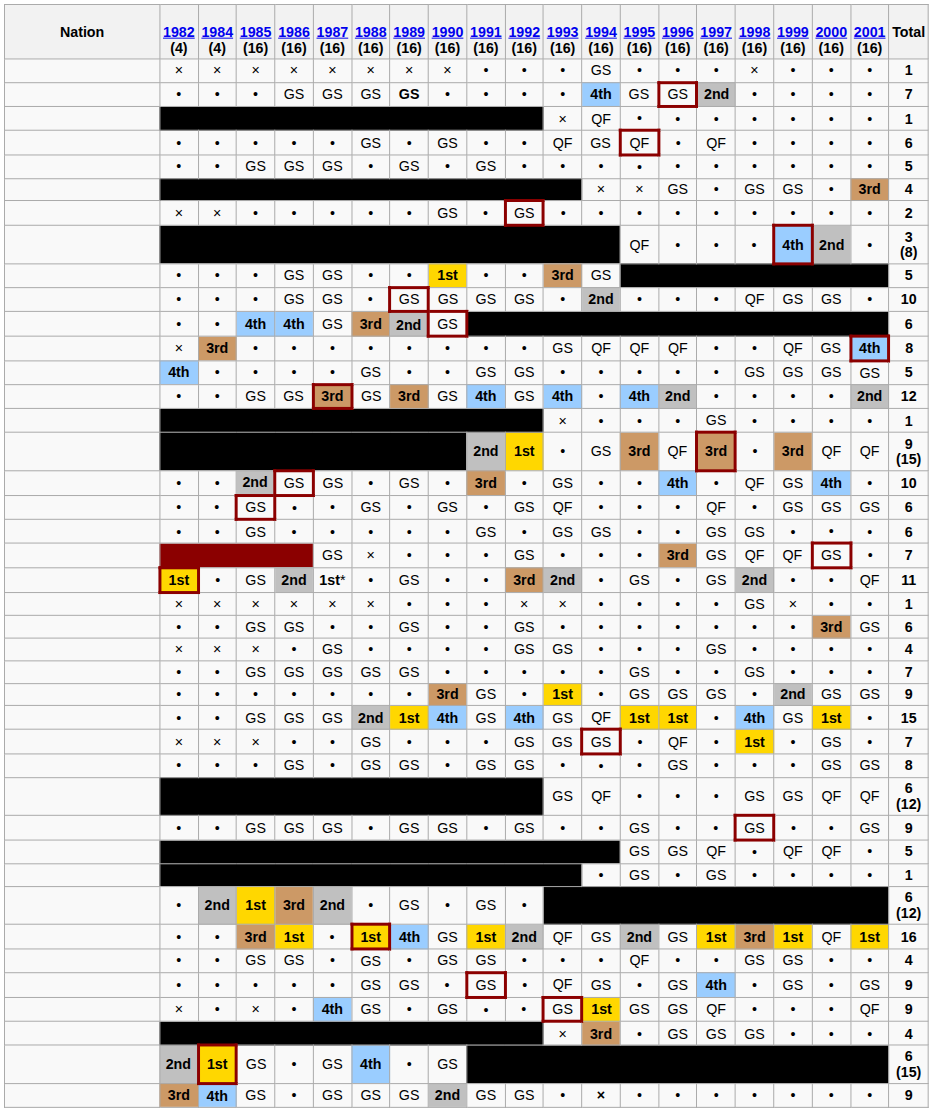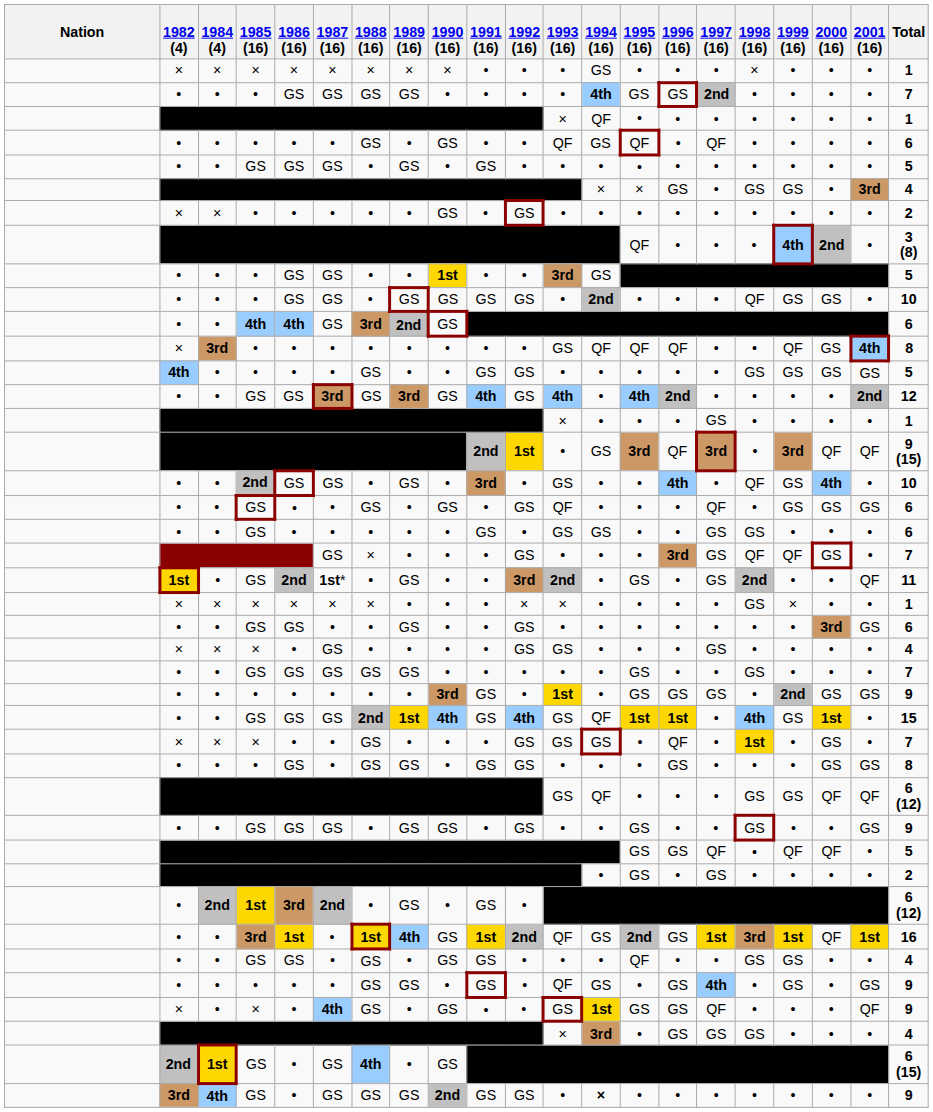 <table class="wikitable" style="text-align:center; font-size:90%;">
 <tr>
 <th width=150>Nation</th>
 <th><br><a href='#'>1982</a><br>(4)</th>
 <th><br><a href='#'>1984</a><br>(4)</th>
 <th><br><a href='#'>1985</a><br>(16)</th>
 <th><br><a href='#'>1986</a><br>(16)</th>
 <th><br><a href='#'>1987</a><br>(16)</th>
 <th><br><a href='#'>1988</a><br>(16)</th>
 <th><br><a href='#'>1989</a><br>(16)</th>
 <th><br><a href='#'>1990</a><br>(16)</th>
 <th><br><a href='#'>1991</a><br>(16)</th>
 <th><br><a href='#'>1992</a><br>(16)</th>
 <th><br><a href='#'>1993</a><br>(16)</th>
 <th><br><a href='#'>1994</a><br>(16)</th>
 <th><br><a href='#'>1995</a><br>(16)</th>
 <th><br><a href='#'>1996</a><br>(16)</th>
 <th><br><a href='#'>1997</a><br>(16)</th>
 <th><br><a href='#'>1998</a><br>(16)</th>
 <th><br><a href='#'>1999</a><br>(16)</th>
 <th><br><a href='#'>2000</a><br>(16)</th>
 <th><br><a href='#'>2001</a><br>(16)</th>
 <th>Total</th>
 </tr>
 <tr>
 <td style="text-align:left;"></td>
 <td>×</td>
 <td>×</td>
 <td>×</td>
 <td>×</td>
 <td>×</td>
 <td>×</td>
 <td>×</td>
 <td>×</td>
 <td>•</td>
 <td>•</td>
 <td>•</td>
 <td>GS</td>
 <td>•</td>
 <td>•</td>
 <td>•</td>
 <td>×</td>
 <td>•</td>
 <td>•</td>
 <td>•</td>
 <td><strong>1</strong></td>
 </tr>
 <tr>
 <td style="text-align:left;"></td>
 <td>•</td>
 <td>•</td>
 <td>•</td>
 <td>GS</td>
 <td>GS</td>
 <td>GS</td>
-<td><strong>GS</strong></td>
+<td>GS</td>
 <td>•</td>
 <td>•</td>
 <td>•</td>
 <td>•</td>
 <td style="background-color:#9acdff;"><strong>4th</strong></td>
 <td>GS</td>
 <td style="border:3px solid darkred;">GS</td>
 <td style="background-color:silver;"><strong>2nd</strong></td>
 <td>•</td>
 <td>•</td>
 <td>•</td>
 <td>•</td>
 <td><strong>7</strong></td>
 </tr>
 <tr>
 <td style="text-align:left;"></td>
 <td colspan=10 style="background-color:black;"></td>
 <td>×</td>
 <td>QF</td>
 <td>•</td>
 <td>•</td>
 <td>•</td>
 <td>•</td>
 <td>•</td>
 <td>•</td>
 <td>•</td>
 <td><strong>1</strong></td>
 </tr>
 <tr>
 <td style="text-align:left;"></td>
 <td>•</td>
 <td>•</td>
 <td>•</td>
 <td>•</td>
 <td>•</td>
 <td>GS</td>
 <td>•</td>
 <td>GS</td>
 <td>•</td>
 <td>•</td>
 <td>QF</td>
 <td>GS</td>
 <td style="border:3px solid darkred;">QF</td>
 <td>•</td>
 <td>QF</td>
 <td>•</td>
 <td>•</td>
 <td>•</td>
 <td>•</td>
 <td><strong>6</strong></td>
 </tr>
 <tr>
 <td style="text-align:left;"></td>
 <td>•</td>
 <td>•</td>
 <td>GS</td>
 <td>GS</td>
 <td>GS</td>
 <td>•</td>
 <td>GS</td>
 <td>•</td>
 <td>GS</td>
 <td>•</td>
 <td>•</td>
 <td>•</td>
 <td>•</td>
 <td>•</td>
 <td>•</td>
 <td>•</td>
 <td>•</td>
 <td>•</td>
 <td>•</td>
 <td><strong>5</strong></td>
 </tr>
 <tr>
 <td style="text-align:left;"></td>
 <td colspan=11 style="background-color:black;"></td>
 <td>×</td>
 <td>×</td>
 <td>GS</td>
 <td>•</td>
 <td>GS</td>
 <td>GS</td>
 <td>•</td>
 <td style="background-color:#cc9966;"><strong>3rd</strong></td>
 <td><strong>4</strong></td>
 </tr>
 <tr>
 <td style="text-align:left;"></td>
 <td>×</td>
 <td>×</td>
 <td>•</td>
 <td>•</td>
 <td>•</td>
 <td>•</td>
 <td>•</td>
 <td>GS</td>
 <td>•</td>
 <td style="border:3px solid darkred;">GS</td>
 <td>•</td>
 <td>•</td>
 <td>•</td>
 <td>•</td>
 <td>•</td>
 <td>•</td>
 <td>•</td>
 <td>•</td>
 <td>•</td>
 <td><strong>2</strong></td>
 </tr>
 <tr>
 <td style="text-align:left;"></td>
 <td colspan=12 style="background-color:black;"></td>
 <td>QF</td>
 <td>•</td>
 <td>•</td>
 <td>•</td>
 <td style="background-color:#9acdff; border:3px solid darkred;"><strong>4th</strong></td>
 <td style="background-color:silver;"><strong>2nd</strong></td>
 <td>•</td>
 <td><strong>3</strong><br><strong>(8)</strong></td>
 </tr>
 <tr>
 <td style="text-align:left;"></td>
 <td>•</td>
 <td>•</td>
 <td>•</td>
 <td>GS</td>
 <td>GS</td>
 <td>•</td>
 <td>•</td>
 <td style="background-color:gold;"><strong>1st</strong></td>
 <td>•</td>
 <td>•</td>
 <td style="background-color:#cc9966;"><strong>3rd</strong></td>
 <td>GS</td>
 <td colspan=7 style="background-color:black;"></td>
 <td><strong>5</strong></td>
 </tr>
 <tr>
 <td style="text-align:left;"></td>
 <td>•</td>
 <td>•</td>
 <td>•</td>
 <td>GS</td>
 <td>GS</td>
 <td>•</td>
 <td style="border:3px solid darkred;">GS</td>
 <td>GS</td>
 <td>GS</td>
 <td>GS</td>
 <td>•</td>
 <td style="background-color:silver;"><strong>2nd</strong></td>
 <td>•</td>
 <td>•</td>
 <td>•</td>
 <td>QF</td>
 <td>GS</td>
 <td>GS</td>
 <td>•</td>
 <td><strong>10</strong></td>
 </tr>
 <tr>
 <td style="text-align:left;"></td>
 <td>•</td>
 <td>•</td>
 <td style="background-color:#9acdff;"><strong>4th</strong></td>
 <td style="background-color:#9acdff;"><strong>4th</strong></td>
 <td>GS</td>
 <td style="background-color:#cc9966;"><strong>3rd</strong></td>
 <td style="background-color:silver;"><strong>2nd</strong></td>
 <td style="border:3px solid darkred;">GS</td>
 <td colspan=11 style="background-color:black;"></td>
 <td><strong>6</strong></td>
 </tr>
 <tr>
 <td style="text-align:left;"></td>
 <td>×</td>
 <td style="background-color:#cc9966;"><strong>3rd</strong></td>
 <td>•</td>
 <td>•</td>
 <td>•</td>
 <td>•</td>
 <td>•</td>
 <td>•</td>
 <td>•</td>
 <td>•</td>
 <td>GS</td>
 <td>QF</td>
 <td>QF</td>
 <td>QF</td>
 <td>•</td>
 <td>•</td>
 <td>QF</td>
 <td>GS</td>
 <td style="background-color:#9acdff; border:3px solid darkred;"><strong>4th</strong></td>
 <td><strong>8</strong></td>
 </tr>
 <tr>
 <td style="text-align:left;"></td>
 <td style="background-color:#9acdff;"><strong>4th</strong></td>
 <td>•</td>
 <td>•</td>
 <td>•</td>
 <td>•</td>
 <td>GS</td>
 <td>•</td>
 <td>•</td>
 <td>GS</td>
 <td>GS</td>
 <td>•</td>
 <td>•</td>
 <td>•</td>
 <td>•</td>
 <td>•</td>
 <td>GS</td>
 <td>GS</td>
 <td>GS</td>
 <td>GS</td>
 <td><strong>5</strong></td>
 </tr>
 <tr>
 <td style="text-align:left;"></td>
 <td>•</td>
 <td>•</td>
 <td>GS</td>
 <td>GS</td>
 <td style="background-color:#cc9966; border:3px solid darkred;"><strong>3rd</strong></td>
 <td>GS</td>
 <td style="background-color:#cc9966;"><strong>3rd</strong></td>
 <td>GS</td>
 <td style="background-color:#9acdff;"><strong>4th</strong></td>
 <td>GS</td>
 <td style="background-color:#9acdff;"><strong>4th</strong></td>
 <td>•</td>
 <td style="background-color:#9acdff;"><strong>4th</strong></td>
 <td style="background-color:silver;"><strong>2nd</strong></td>
 <td>•</td>
 <td>•</td>
 <td>•</td>
 <td>•</td>
 <td style="background-color:silver;"><strong>2nd</strong></td>
 <td><strong>12</strong></td>
 </tr>
 <tr>
 <td style="text-align:left;"></td>
 <td colspan=10 style="background-color:black;"></td>
 <td>×</td>
 <td>•</td>
 <td>•</td>
 <td>•</td>
 <td>GS</td>
 <td>•</td>
 <td>•</td>
 <td>•</td>
 <td>•</td>
 <td><strong>1</strong></td>
 </tr>
 <tr>
 <td style="text-align:left;"></td>
 <td colspan=8 style="background-color:black;"></td>
 <td style="background-color:silver;"><strong>2nd</strong></td>
 <td style="background-color:gold;"><strong>1st</strong></td>
 <td>•</td>
 <td>GS</td>
 <td style="background-color:#cc9966;"><strong>3rd</strong></td>
 <td>QF</td>
 <td style="background-color:#cc9966; border:3px solid darkred;"><strong>3rd</strong></td>
 <td>•</td>
 <td style="background-color:#cc9966;"><strong>3rd</strong></td>
 <td>QF</td>
 <td>QF</td>
 <td><strong>9</strong><br><strong>(15)</strong></td>
 </tr>
 <tr>
 <td style="text-align:left;"></td>
 <td>•</td>
 <td>•</td>
 <td style="background-color:silver;"><strong>2nd</strong></td>
 <td style="border:3px solid darkred;">GS</td>
 <td>GS</td>
 <td>•</td>
 <td>GS</td>
 <td>•</td>
 <td style="background-color:#cc9966;"><strong>3rd</strong></td>
 <td>•</td>
 <td>GS</td>
 <td>•</td>
 <td>•</td>
 <td style="background-color:#9acdff;"><strong>4th</strong></td>
 <td>•</td>
 <td>QF</td>
 <td>GS</td>
 <td style="background-color:#9acdff;"><strong>4th</strong></td>
 <td>•</td>
 <td><strong>10</strong></td>
 </tr>
 <tr>
 <td style="text-align:left;"></td>
 <td>•</td>
 <td>•</td>
 <td style="border:3px solid darkred;">GS</td>
 <td>•</td>
 <td>•</td>
 <td>GS</td>
 <td>•</td>
 <td>GS</td>
 <td>•</td>
 <td>GS</td>
 <td>QF</td>
 <td>•</td>
 <td>•</td>
 <td>•</td>
 <td>QF</td>
 <td>•</td>
 <td>GS</td>
 <td>GS</td>
 <td>GS</td>
 <td><strong>6</strong></td>
 </tr>
 <tr>
 <td style="text-align:left;"></td>
 <td>•</td>
 <td>•</td>
 <td>GS</td>
 <td>•</td>
 <td>•</td>
 <td>•</td>
 <td>•</td>
 <td>•</td>
 <td>GS</td>
 <td>•</td>
 <td>GS</td>
 <td>GS</td>
 <td>•</td>
 <td>•</td>
 <td>GS</td>
 <td>GS</td>
 <td>•</td>
 <td>•</td>
 <td>•</td>
 <td><strong>6</strong></td>
 </tr>
 <tr>
 <td style="text-align:left;"></td>
 <td colspan=4 style="background-color:darkred;"></td>
 <td>GS</td>
 <td>×</td>
 <td>•</td>
 <td>•</td>
 <td>•</td>
 <td>GS</td>
 <td>•</td>
 <td>•</td>
 <td>•</td>
 <td style="background-color:#cc9966;"><strong>3rd</strong></td>
 <td>GS</td>
 <td>QF</td>
 <td>QF</td>
 <td style="border:3px solid darkred;">GS</td>
 <td>•</td>
 <td><strong>7</strong></td>
 </tr>
 <tr>
 <td style="text-align:left;"></td>
 <td style="background-color:gold; border:3px solid darkred;"><strong>1st</strong></td>
 <td>•</td>
 <td>GS</td>
 <td style="background-color:silver;"><strong>2nd</strong></td>
 <td><strong>1st</strong>*<br><strong></strong></td>
 <td>•</td>
 <td>GS</td>
 <td>•</td>
 <td>•</td>
 <td style="background-color:#cc9966;"><strong>3rd</strong></td>
 <td style="background-color:silver;"><strong>2nd</strong></td>
 <td>•</td>
 <td>GS</td>
 <td>•</td>
 <td>GS</td>
 <td style="background-color:silver;"><strong>2nd</strong></td>
 <td>•</td>
 <td>•</td>
 <td>QF</td>
 <td><strong>11</strong></td>
 </tr>
 <tr>
 <td style="text-align:left;"></td>
 <td>×</td>
 <td>×</td>
 <td>×</td>
 <td>×</td>
 <td>×</td>
 <td>×</td>
 <td>•</td>
 <td>•</td>
 <td>•</td>
 <td>×</td>
 <td>×</td>
 <td>•</td>
 <td>•</td>
 <td>•</td>
 <td>•</td>
 <td>GS</td>
 <td>×</td>
 <td>•</td>
 <td>•</td>
 <td><strong>1</strong></td>
 </tr>
 <tr>
 <td style="text-align:left;"></td>
 <td>•</td>
 <td>•</td>
 <td>GS</td>
 <td>GS</td>
 <td>•</td>
 <td>•</td>
 <td>GS</td>
 <td>•</td>
 <td>•</td>
 <td>GS</td>
 <td>•</td>
 <td>•</td>
 <td>•</td>
 <td>•</td>
 <td>•</td>
 <td>•</td>
 <td>•</td>
 <td style="background-color:#cc9966;"><strong>3rd</strong></td>
 <td>GS</td>
 <td><strong>6</strong></td>
 </tr>
 <tr>
 <td style="text-align:left;"></td>
 <td>×</td>
 <td>×</td>
 <td>×</td>
 <td>•</td>
 <td>GS</td>
 <td>•</td>
 <td>•</td>
 <td>•</td>
 <td>•</td>
 <td>GS</td>
 <td>GS</td>
 <td>•</td>
 <td>•</td>
 <td>•</td>
 <td>GS</td>
 <td>•</td>
 <td>•</td>
 <td>•</td>
 <td>•</td>
 <td><strong>4</strong></td>
 </tr>
 <tr>
 <td style="text-align:left;"></td>
 <td>•</td>
 <td>•</td>
 <td>GS</td>
 <td>GS</td>
 <td>GS</td>
 <td>GS</td>
 <td>GS</td>
 <td>•</td>
 <td>•</td>
 <td>•</td>
 <td>•</td>
 <td>•</td>
 <td>GS</td>
 <td>•</td>
 <td>•</td>
 <td>GS</td>
 <td>•</td>
 <td>•</td>
 <td>•</td>
 <td><strong>7</strong></td>
 </tr>
 <tr>
 <td style="text-align:left;"></td>
 <td>•</td>
 <td>•</td>
 <td>•</td>
 <td>•</td>
 <td>•</td>
 <td>•</td>
 <td>•</td>
 <td style="background-color:#cc9966;"><strong>3rd</strong></td>
 <td>GS</td>
 <td>•</td>
 <td style="background-color:gold;"><strong>1st</strong></td>
 <td>•</td>
 <td>GS</td>
 <td>GS</td>
 <td>GS</td>
 <td>•</td>
 <td style="background-color:silver;"><strong>2nd</strong></td>
 <td>GS</td>
 <td>GS</td>
 <td><strong>9</strong></td>
 </tr>
 <tr>
 <td style="text-align:left;"></td>
 <td>•</td>
 <td>•</td>
 <td>GS</td>
 <td>GS</td>
 <td>GS</td>
 <td style="background-color:silver;"><strong>2nd</strong></td>
 <td style="background-color:gold;"><strong>1st</strong></td>
 <td style="background-color:#9acdff;"><strong>4th</strong></td>
 <td>GS</td>
 <td style="background-color:#9acdff;"><strong>4th</strong></td>
 <td>GS</td>
 <td>QF</td>
 <td style="background-color:gold;"><strong>1st</strong></td>
 <td style="background-color:gold;"><strong>1st</strong></td>
 <td>•</td>
 <td style="background-color:#9acdff;"><strong>4th</strong></td>
 <td>GS</td>
 <td style="background-color:gold;"><strong>1st</strong></td>
 <td>•</td>
 <td><strong>15</strong></td>
 </tr>
 <tr>
 <td style="text-align:left;"></td>
 <td>×</td>
 <td>×</td>
 <td>×</td>
 <td>•</td>
 <td>•</td>
 <td>GS</td>
 <td>•</td>
 <td>•</td>
 <td>•</td>
 <td>GS</td>
 <td>GS</td>
 <td style="border:3px solid darkred;">GS</td>
 <td>•</td>
 <td>QF</td>
 <td>•</td>
 <td style="background-color:gold;"><strong>1st</strong></td>
 <td>•</td>
 <td>GS</td>
 <td>•</td>
 <td><strong>7</strong></td>
 </tr>
 <tr>
 <td style="text-align:left;"></td>
 <td>•</td>
 <td>•</td>
 <td>•</td>
 <td>GS</td>
 <td>•</td>
 <td>GS</td>
 <td>GS</td>
 <td>•</td>
 <td>GS</td>
 <td>GS</td>
 <td>•</td>
 <td>•</td>
 <td>•</td>
 <td>GS</td>
 <td>•</td>
 <td>•</td>
 <td>•</td>
 <td>GS</td>
 <td>GS</td>
 <td><strong>8</strong></td>
 </tr>
 <tr>
 <td style="text-align:left;"></td>
 <td colspan=10 style="background-color:black;"></td>
 <td>GS</td>
 <td>QF</td>
 <td>•</td>
 <td>•</td>
 <td>•</td>
 <td>GS</td>
 <td>GS</td>
 <td>QF</td>
 <td>QF</td>
 <td><strong>6</strong><br><strong>(12)</strong></td>
 </tr>
 <tr>
 <td style="text-align:left;"></td>
 <td>•</td>
 <td>•</td>
 <td>GS</td>
 <td>GS</td>
 <td>GS</td>
 <td>•</td>
 <td>GS</td>
 <td>GS</td>
 <td>•</td>
 <td>GS</td>
 <td>•</td>
 <td>•</td>
 <td>GS</td>
 <td>•</td>
 <td>•</td>
 <td style="border:3px solid darkred;">GS</td>
 <td>•</td>
 <td>•</td>
 <td>GS</td>
 <td><strong>9</strong></td>
 </tr>
 <tr>
 <td style="text-align:left;"></td>
 <td colspan=12 style="background-color:black;"></td>
 <td>GS</td>
 <td>GS</td>
 <td>QF</td>
 <td>•</td>
 <td>QF</td>
 <td>QF</td>
 <td>•</td>
 <td><strong>5</strong></td>
 </tr>
 <tr>
 <td style="text-align:left;"></td>
 <td colspan=11 style="background-color:black;"></td>
 <td>•</td>
 <td>GS</td>
 <td>•</td>
 <td>GS</td>
 <td>•</td>
 <td>•</td>
 <td>•</td>
 <td>•</td>
-<td><strong>1</strong></td>
+<td><strong>2</strong></td>
 </tr>
 <tr>
 <td style="text-align:left;"></td>
 <td>•</td>
 <td style="background-color:silver;"><strong>2nd</strong></td>
 <td style="background-color:gold;"><strong>1st</strong></td>
 <td style="background-color:#cc9966;"><strong>3rd</strong></td>
 <td style="background-color:silver;"><strong>2nd</strong></td>
 <td>•</td>
 <td>GS</td>
 <td>•</td>
 <td>GS</td>
 <td>•</td>
 <td colspan=9 style="background-color:black;"></td>
 <td><strong>6</strong><br><strong>(12)</strong></td>
 </tr>
 <tr>
 <td style="text-align:left;"></td>
 <td>•</td>
 <td>•</td>
 <td style="background-color:#cc9966;"><strong>3rd</strong></td>
 <td style="background-color:gold;"><strong>1st</strong></td>
 <td>•</td>
 <td style="background-color:gold; border:3px solid darkred;"><strong>1st</strong></td>
 <td style="background-color:#9acdff;"><strong>4th</strong></td>
 <td>GS</td>
 <td style="background-color:gold;"><strong>1st</strong></td>
 <td style="background-color:silver;"><strong>2nd</strong></td>
 <td>QF</td>
 <td>GS</td>
 <td style="background-color:silver;"><strong>2nd</strong></td>
 <td>GS</td>
 <td style="background-color:gold;"><strong>1st</strong></td>
 <td style="background-color:#cc9966;"><strong>3rd</strong></td>
 <td style="background-color:gold;"><strong>1st</strong></td>
 <td>QF</td>
 <td style="background-color:gold;"><strong>1st</strong></td>
 <td><strong>16</strong></td>
 </tr>
 <tr>
 <td style="text-align:left;"></td>
 <td>•</td>
 <td>•</td>
 <td>GS</td>
 <td>GS</td>
 <td>•</td>
 <td>GS</td>
 <td>•</td>
 <td>GS</td>
 <td>GS</td>
 <td>•</td>
 <td>•</td>
 <td>•</td>
 <td>QF</td>
 <td>•</td>
 <td>•</td>
 <td>GS</td>
 <td>GS</td>
 <td>•</td>
 <td>•</td>
 <td><strong>4</strong></td>
 </tr>
 <tr>
 <td style="text-align:left;"></td>
 <td>•</td>
 <td>•</td>
 <td>•</td>
 <td>•</td>
 <td>•</td>
 <td>GS</td>
 <td>GS</td>
 <td>•</td>
 <td style="border:3px solid darkred;">GS</td>
 <td>•</td>
 <td>QF</td>
 <td>GS</td>
 <td>•</td>
 <td>GS</td>
 <td style="background-color:#9acdff;"><strong>4th</strong></td>
 <td>•</td>
 <td>GS</td>
 <td>•</td>
 <td>GS</td>
 <td><strong>9</strong></td>
 </tr>
 <tr>
 <td style="text-align:left;"></td>
 <td>×</td>
 <td>•</td>
 <td>×</td>
 <td>•</td>
 <td style="background-color:#9acdff;"><strong>4th</strong></td>
 <td>GS</td>
 <td>•</td>
 <td>GS</td>
 <td>•</td>
 <td>•</td>
 <td style="border:3px solid darkred;">GS</td>
 <td style="background-color:gold;"><strong>1st</strong></td>
 <td>GS</td>
 <td>GS</td>
 <td>QF</td>
 <td>•</td>
 <td>•</td>
 <td>•</td>
 <td>QF</td>
 <td><strong>9</strong></td>
 </tr>
 <tr>
 <td style="text-align:left;"></td>
 <td colspan=10 style="background-color:black;"></td>
 <td>×</td>
 <td style="background-color:#cc9966;"><strong>3rd</strong></td>
 <td>•</td>
 <td>GS</td>
 <td>GS</td>
 <td>GS</td>
 <td>•</td>
 <td>•</td>
 <td>•</td>
 <td><strong>4</strong></td>
 </tr>
 <tr>
 <td style="text-align:left;"></td>
 <td style="background-color:silver;"><strong>2nd</strong></td>
 <td style="background-color:gold; border:3px solid darkred;"><strong>1st</strong></td>
 <td>GS</td>
 <td>•</td>
 <td>GS</td>
 <td style="background-color:#9acdff;"><strong>4th</strong></td>
 <td>•</td>
 <td>GS</td>
 <td colspan=11 style="background-color:black;"></td>
 <td><strong>6</strong><br><strong>(15)</strong></td>
 </tr>
 <tr>
 <td style="text-align:left;"></td>
 <td style="background-color:#cc9966;"><strong>3rd</strong></td>
 <td style="background-color:#9acdff;"><strong>4th</strong></td>
 <td>GS</td>
 <td>•</td>
 <td>GS</td>
 <td>GS</td>
 <td>GS</td>
 <td style="background-color:silver;"><strong>2nd</strong></td>
 <td>GS</td>
 <td>GS</td>
 <td>•</td>
 <td><strong>×</strong></td>
 <td>•</td>
 <td>•</td>
 <td>•</td>
 <td>•</td>
 <td>•</td>
 <td>•</td>
 <td>•</td>
 <td><strong>9</strong></td>
 </tr>
 </table>
